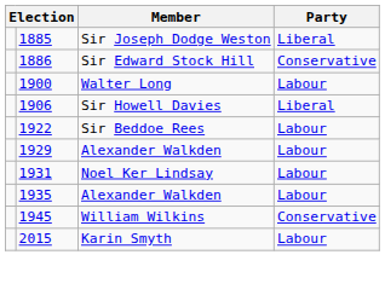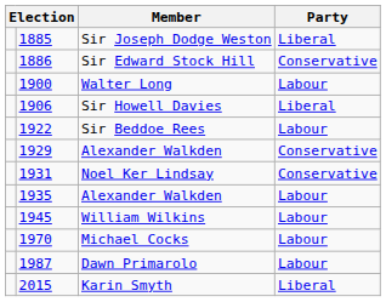 <table class="wikitable">
 <tr>
 <th colspan="2">Election</th>
 <th>Member</th>
 <th>Party</th>
 </tr>
 <tr>
 <td style="color:inherit;background-color: "></td>
 <td><a href='#'>1885</a></td>
 <td>Sir <a href='#'>Joseph Dodge Weston</a></td>
 <td><a href='#'>Liberal</a></td>
 </tr>
 <tr>
 <td style="color:inherit;background-color: "></td>
 <td><a href='#'>1886</a></td>
 <td>Sir <a href='#'>Edward Stock Hill</a></td>
 <td><a href='#'>Conservative</a></td>
 </tr>
 <tr>
 <td style="color:inherit;background-color: "></td>
 <td><a href='#'>1900</a></td>
 <td><a href='#'>Walter Long</a></td>
 <td><a href='#'>Labour</a></td>
 </tr>
 <tr>
 <td style="color:inherit;background-color: "></td>
 <td><a href='#'>1906</a></td>
 <td>Sir <a href='#'>Howell Davies</a></td>
 <td><a href='#'>Liberal</a></td>
 </tr>
 <tr>
 <td style="color:inherit;background-color: "></td>
 <td><a href='#'>1922</a></td>
 <td>Sir <a href='#'>Beddoe Rees</a></td>
 <td><a href='#'>Labour</a></td>
 </tr>
 <tr>
 <td style="color:inherit;background-color: "></td>
 <td><a href='#'>1929</a></td>
 <td><a href='#'>Alexander Walkden</a></td>
-<td><a href='#'>Labour</a></td>
+<td><a href='#'>Conservative</a></td>
 </tr>
 <tr>
 <td style="color:inherit;background-color: "></td>
 <td><a href='#'>1931</a></td>
 <td><a href='#'>Noel Ker Lindsay</a>  </td>
-<td><a href='#'>Labour</a></td>
+<td><a href='#'>Conservative</a></td>
 </tr>
 <tr>
 <td style="color:inherit;background-color: "></td>
 <td><a href='#'>1935</a></td>
 <td><a href='#'>Alexander Walkden</a></td>
 <td><a href='#'>Labour</a></td>
 </tr>
 <tr>
 <td style="color:inherit;background-color: "></td>
 <td><a href='#'>1945</a></td>
 <td><a href='#'>William Wilkins</a></td>
-<td><a href='#'>Conservative</a></td>
+<td><a href='#'>Labour</a></td>
+</tr>
+<tr>
+<td style="color:inherit;background-color: "></td>
+<td><a href='#'>1970</a></td>
+<td><a href='#'>Michael Cocks</a></td>
+<td><a href='#'>Labour</a></td>
+</tr>
+<tr>
+<td style="color:inherit;background-color: "></td>
+<td><a href='#'>1987</a></td>
+<td> <a href='#'>Dawn Primarolo</a></td>
+<td><a href='#'>Labour</a></td>
 </tr>
 <tr>
 <td style="color:inherit;background-color: "></td>
 <td><a href='#'>2015</a></td>
 <td><a href='#'>Karin Smyth</a></td>
-<td><a href='#'>Labour</a></td>
+<td><a href='#'>Liberal</a></td>
 </tr>
 </table>
